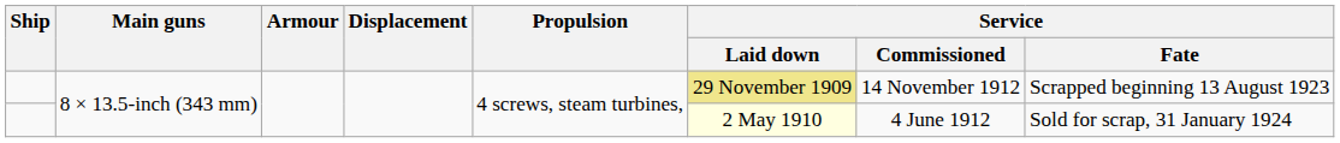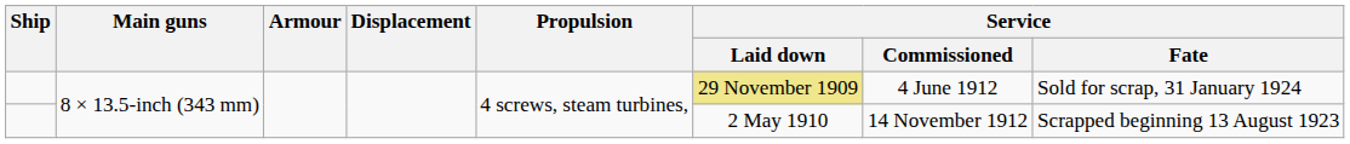 <table class="wikitable">
 <tr valign="top">
 <th align= center rowspan=2>Ship</th>
 <th align= center rowspan=2>Main guns</th>
 <th align= center rowspan=2>Armour</th>
 <th align= center rowspan=2>Displacement</th>
 <th align= center rowspan=2>Propulsion</th>
 <th align= center colspan=3>Service</th>
 </tr>
 <tr valign="top">
 <th align= center>Laid down</th>
 <th align= center>Commissioned</th>
 <th align= center>Fate</th>
 </tr>
 <tr valign="center">
 <td align= left></td>
 <td align= center rowspan=2>8 × 13.5-inch (343 mm)</td>
 <td align= center rowspan=2></td>
 <td align= center rowspan=2></td>
 <td align= center rowspan=2>4 screws, steam turbines,<br></td>
 <td align= center style="background: khaki;">29 November 1909</td>
+<td align= center>4 June 1912</td>
+<td align= left>Sold for scrap, 31 January 1924</td>
+</tr>
+<tr valign="center">
+<td align= left></td>
+<td align= center>2 May 1910</td>
 <td align= center>14 November 1912</td>
 <td align= left>Scrapped beginning 13 August 1923</td>
 </tr>
-<tr valign="center">
-<td align= left></td>
-<td align= center style="background: lightyellow;">2 May 1910</td>
-<td align= center>4 June 1912</td>
-<td align= left>Sold for scrap, 31 January 1924</td>
-</tr>
 </table>
